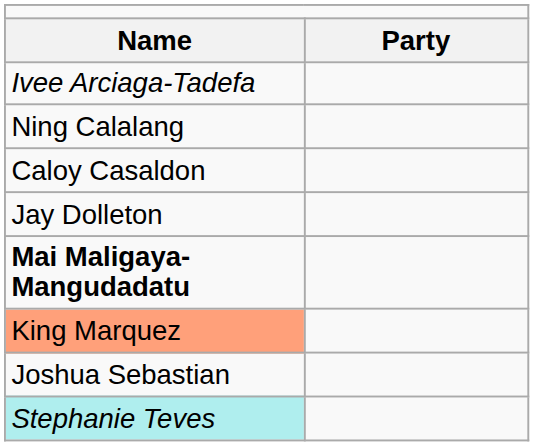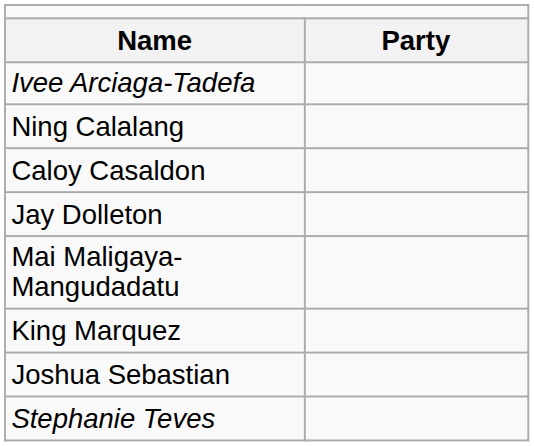 <table class=wikitable style="font-size:90%">
 <tr>
 <td colspan=4 bgcolor=></td>
 </tr>
 <tr>
 <th width=150px>Name</th>
 <th colspan=2 width=110px>Party</th>
 </tr>
 <tr>
 <td><em>Ivee Arciaga-Tadefa</em></td>
 <td></td>
 </tr>
 <tr>
 <td>Ning Calalang</td>
 <td></td>
 </tr>
 <tr>
 <td>Caloy Casaldon</td>
 <td></td>
 </tr>
 <tr>
 <td>Jay Dolleton</td>
 <td></td>
 </tr>
 <tr>
-<td><strong>Mai Maligaya-Mangudadatu</strong></td>
+<td>Mai Maligaya-Mangudadatu</td>
 <td></td>
 </tr>
 <tr>
-<td style="background: lightsalmon;">King Marquez</td>
+<td>King Marquez</td>
 <td></td>
 </tr>
 <tr>
 <td>Joshua Sebastian</td>
 <td></td>
 </tr>
 <tr>
-<td style="background: paleturquoise;"><em>Stephanie Teves</em></td>
+<td><em>Stephanie Teves</em></td>
 <td></td>
 </tr>
 </table>
